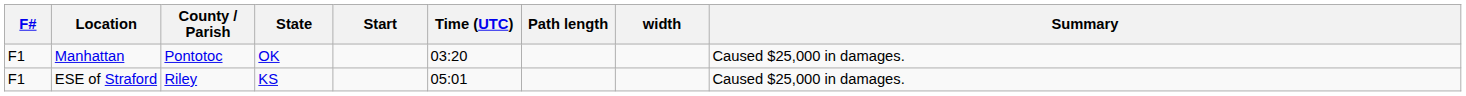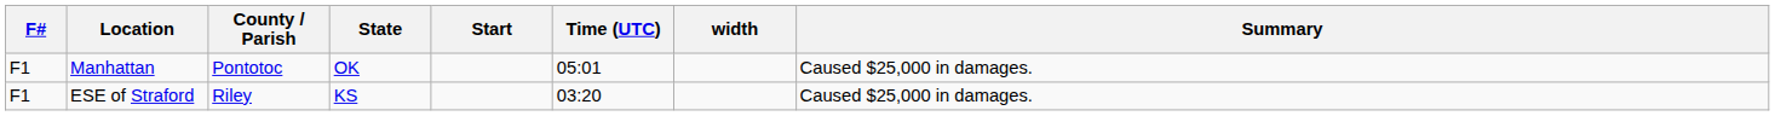 <table class="wikitable sortable" style="width:100%;">
 <tr>
 <th scope="col"  style="width:3%; text-align:center;"><a href='#'>F#</a></th>
 <th scope="col"  style="width:7%; text-align:center;" class="unsortable">Location</th>
 <th scope="col"  style="width:6%; text-align:center;" class="unsortable">County / Parish</th>
 <th scope="col"  style="width:5%; text-align:center;">State</th>
 <th scope="col"  style="width:6%; text-align:center;">Start<br></th>
 <th scope="col"  style="width:6%; text-align:center;">Time (<a href='#'>UTC</a>)</th>
-<th scope="col"  style="width:6%; text-align:center;">Path length</th>
 <th scope="col"  style="width:6%; text-align:center;"> width</th>
 <th scope="col" class="unsortable" style="width:48%; text-align:center;">Summary</th>
 </tr>
 <tr>
 <td>F1</td>
 <td><a href='#'>Manhattan</a></td>
 <td><a href='#'>Pontotoc</a></td>
 <td><a href='#'>OK</a></td>
 <td></td>
-<td>03:20</td>
-<td></td>
+<td>05:01</td>
 <td></td>
 <td>Caused $25,000 in damages.</td>
 </tr>
 <tr>
 <td>F1</td>
 <td>ESE of <a href='#'>Straford</a></td>
 <td><a href='#'>Riley</a></td>
 <td><a href='#'>KS</a></td>
 <td></td>
-<td>05:01</td>
-<td></td>
+<td>03:20</td>
 <td></td>
 <td>Caused $25,000 in damages.</td>
 </tr>
 </table>
